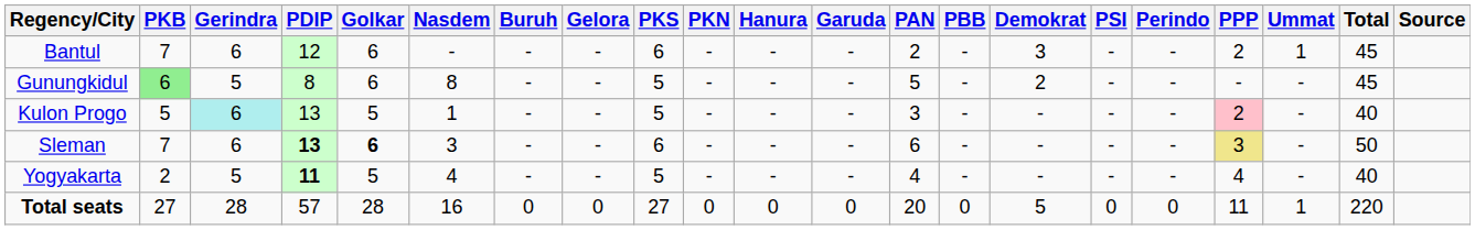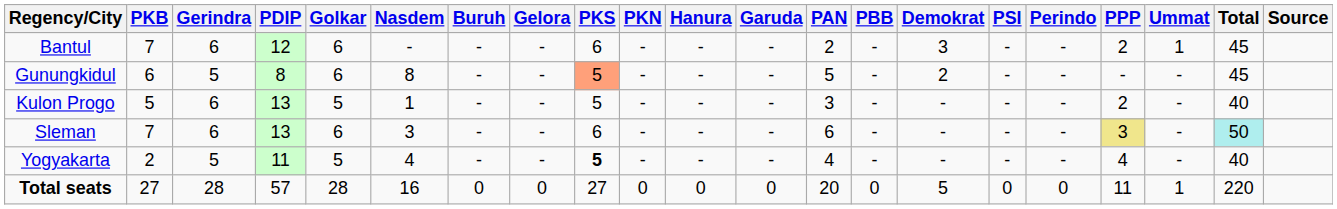 <table class="wikitable sortable" style="text-align:center">
 <tr>
 <th scope=col width=10%>Regency/City</th>
 <th scope=col width=3%><a href='#'>PKB</a></th>
 <th scope=col width=3%><a href='#'>Gerindra</a></th>
 <th scope=col width=3%><a href='#'>PDIP</a></th>
 <th scope=col width=3%><a href='#'>Golkar</a></th>
 <th scope=col width=3%><a href='#'>Nasdem</a></th>
 <th scope=col width=3%><a href='#'>Buruh</a></th>
 <th scope=col width=3%><a href='#'>Gelora</a></th>
 <th scope=col width=3%><a href='#'>PKS</a></th>
 <th scope=col width=3%><a href='#'>PKN</a></th>
 <th scope=col width=3%><a href='#'>Hanura</a></th>
 <th scope=col width=3%><a href='#'>Garuda</a></th>
 <th scope=col width=3%><a href='#'>PAN</a></th>
 <th scope=col width=3%><a href='#'>PBB</a></th>
 <th scope=col width=3%><a href='#'>Demokrat</a></th>
 <th scope=col width=3%><a href='#'>PSI</a></th>
 <th scope=col width=3%><a href='#'>Perindo</a></th>
 <th scope=col width=3%><a href='#'>PPP</a></th>
 <th scope=col width=3%><a href='#'>Ummat</a></th>
 <th scope=col width=3%>Total</th>
 <th scope=col width=3%>Source</th>
 </tr>
 <tr>
 <td><a href='#'>Bantul</a></td>
 <td>7</td>
 <td>6</td>
 <td style="background:#cfc;">12</td>
 <td>6</td>
 <td>-</td>
 <td>-</td>
 <td>-</td>
 <td>6</td>
 <td>-</td>
 <td>-</td>
 <td>-</td>
 <td>2</td>
 <td>-</td>
 <td>3</td>
 <td>-</td>
 <td>-</td>
 <td>2</td>
 <td>1</td>
 <td>45</td>
 <td></td>
 </tr>
 <tr>
 <td><a href='#'>Gunungkidul</a></td>
-<td style="background: lightgreen;">6</td>
+<td>6</td>
 <td>5</td>
 <td style="background:#cfc;">8</td>
 <td>6</td>
 <td>8</td>
 <td>-</td>
 <td>-</td>
-<td>5</td>
+<td style="background: lightsalmon;">5</td>
 <td>-</td>
 <td>-</td>
 <td>-</td>
 <td>5</td>
 <td>-</td>
 <td>2</td>
 <td>-</td>
 <td>-</td>
 <td>-</td>
 <td>-</td>
 <td>45</td>
 <td></td>
 </tr>
 <tr>
 <td><a href='#'>Kulon Progo</a></td>
 <td>5</td>
-<td style="background: paleturquoise;">6</td>
+<td>6</td>
 <td style="background:#cfc;">13</td>
 <td>5</td>
 <td>1</td>
 <td>-</td>
 <td>-</td>
 <td>5</td>
 <td>-</td>
 <td>-</td>
 <td>-</td>
 <td>3</td>
 <td>-</td>
 <td>-</td>
 <td>-</td>
 <td>-</td>
-<td style="background: pink;">2</td>
+<td>2</td>
 <td>-</td>
 <td>40</td>
 <td></td>
 </tr>
 <tr>
 <td><a href='#'>Sleman</a></td>
 <td>7</td>
 <td>6</td>
-<td style="background:#cfc;"><strong>13</strong></td>
-<td><strong>6</strong></td>
+<td style="background:#cfc;">13</td>
+<td>6</td>
 <td>3</td>
 <td>-</td>
 <td>-</td>
 <td>6</td>
 <td>-</td>
 <td>-</td>
 <td>-</td>
 <td>6</td>
 <td>-</td>
 <td>-</td>
 <td>-</td>
 <td>-</td>
 <td style="background: khaki;">3</td>
 <td>-</td>
-<td>50</td>
+<td style="background: paleturquoise;">50</td>
 <td></td>
 </tr>
 <tr>
 <td><a href='#'>Yogyakarta</a></td>
 <td>2</td>
 <td>5</td>
-<td style="background:#cfc;"><strong>11</strong></td>
+<td style="background:#cfc;">11</td>
 <td>5</td>
 <td>4</td>
 <td>-</td>
 <td>-</td>
-<td>5</td>
+<td><strong>5</strong></td>
 <td>-</td>
 <td>-</td>
 <td>-</td>
 <td>4</td>
 <td>-</td>
 <td>-</td>
 <td>-</td>
 <td>-</td>
 <td>4</td>
 <td>-</td>
 <td>40</td>
 <td></td>
 </tr>
 <tr>
 <td><strong>Total seats</strong></td>
 <td>27</td>
 <td>28</td>
 <td>57</td>
 <td>28</td>
 <td>16</td>
 <td>0</td>
 <td>0</td>
 <td>27</td>
 <td>0</td>
 <td>0</td>
 <td>0</td>
 <td>20</td>
 <td>0</td>
 <td>5</td>
 <td>0</td>
 <td>0</td>
 <td>11</td>
 <td>1</td>
 <td>220</td>
 </tr>
 </table>
